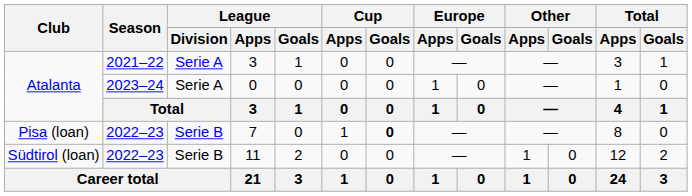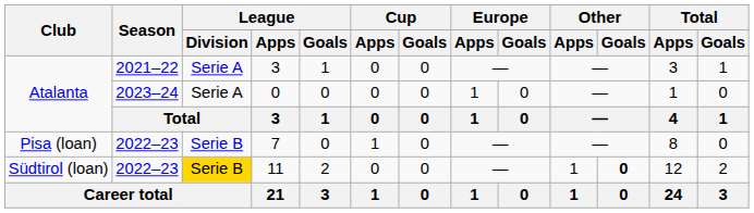 <table class="wikitable" style="text-align:center">
 <tr>
 <th rowspan="2">Club</th>
 <th rowspan="2">Season</th>
 <th colspan="3">League</th>
 <th colspan="2">Cup</th>
 <th colspan="2">Europe</th>
 <th colspan="2">Other</th>
 <th colspan="2">Total</th>
 </tr>
 <tr>
 <th>Division</th>
 <th>Apps</th>
 <th>Goals</th>
 <th>Apps</th>
 <th>Goals</th>
 <th>Apps</th>
 <th>Goals</th>
 <th>Apps</th>
 <th>Goals</th>
 <th>Apps</th>
 <th>Goals</th>
 </tr>
 <tr>
 <td rowspan="3"><a href='#'>Atalanta</a></td>
 <td><a href='#'>2021–22</a></td>
 <td><a href='#'>Serie A</a></td>
 <td>3</td>
 <td>1</td>
 <td>0</td>
 <td>0</td>
 <td colspan="2">—</td>
 <td colspan="2">—</td>
 <td>3</td>
 <td>1</td>
 </tr>
 <tr>
 <td><a href='#'>2023–24</a></td>
 <td>Serie A</td>
 <td>0</td>
 <td>0</td>
 <td>0</td>
 <td>0</td>
 <td>1</td>
 <td>0</td>
 <td colspan="2">—</td>
 <td>1</td>
 <td>0</td>
 </tr>
 <tr>
 <th colspan="2">Total</th>
 <th>3</th>
 <th>1</th>
 <th>0</th>
 <th>0</th>
 <th>1</th>
 <th>0</th>
 <th colspan="2">—</th>
 <th>4</th>
 <th>1</th>
 </tr>
 <tr>
 <td><a href='#'>Pisa</a> (loan)</td>
 <td><a href='#'>2022–23</a></td>
 <td><a href='#'>Serie B</a></td>
 <td>7</td>
 <td>0</td>
 <td>1</td>
-<td><strong>0</strong></td>
+<td>0</td>
 <td colspan="2">—</td>
 <td colspan="2">—</td>
 <td>8</td>
 <td>0</td>
 </tr>
 <tr>
 <td><a href='#'>Südtirol</a> (loan)</td>
 <td><a href='#'>2022–23</a></td>
-<td>Serie B</td>
+<td style="background: gold;">Serie B</td>
 <td>11</td>
 <td>2</td>
 <td>0</td>
 <td>0</td>
 <td colspan="2">—</td>
 <td>1</td>
-<td>0</td>
+<td><strong>0</strong></td>
 <td>12</td>
 <td>2</td>
 </tr>
 <tr>
 <th colspan="3">Career total</th>
 <th>21</th>
 <th>3</th>
 <th>1</th>
 <th>0</th>
 <th>1</th>
 <th>0</th>
 <th>1</th>
 <th>0</th>
 <th>24</th>
 <th>3</th>
 </tr>
 </table>
